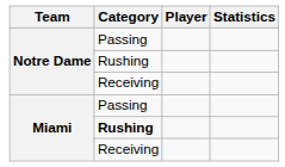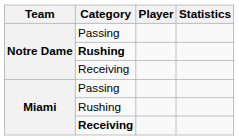 <table class="wikitable" style="float:right">
 <tr>
 <th>Team</th>
 <th>Category</th>
 <th>Player</th>
 <th>Statistics</th>
 </tr>
 <tr>
 <th rowspan=3>Notre Dame</th>
 <td>Passing</td>
 <td></td>
 <td></td>
 </tr>
 <tr>
-<td>Rushing</td>
+<td><strong>Rushing</strong></td>
 <td></td>
 <td></td>
 </tr>
 <tr>
 <td>Receiving</td>
 <td></td>
 <td></td>
 </tr>
 <tr>
 <th rowspan=3>Miami</th>
 <td>Passing</td>
 <td></td>
 <td></td>
 </tr>
 <tr>
-<td><strong>Rushing</strong></td>
+<td>Rushing</td>
 <td></td>
 <td></td>
 </tr>
 <tr>
-<td>Receiving</td>
+<td><strong>Receiving</strong></td>
 <td></td>
 <td></td>
 </tr>
 </table>
